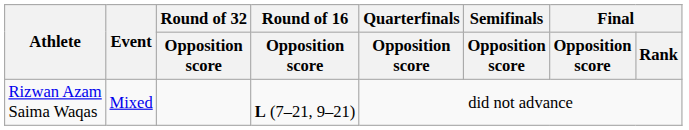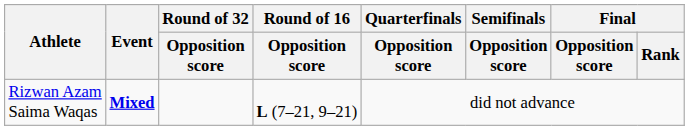 <table class=wikitable style=font-size:90%;text-align:center>
 <tr>
 <th rowspan="2">Athlete</th>
 <th rowspan="2">Event</th>
 <th>Round of 32</th>
 <th>Round of 16</th>
 <th>Quarterfinals</th>
 <th>Semifinals</th>
 <th colspan="2">Final</th>
 </tr>
 <tr>
 <th>Opposition<br> score</th>
 <th>Opposition<br> score</th>
 <th>Opposition<br> score</th>
 <th>Opposition<br> score</th>
 <th>Opposition<br> score</th>
 <th>Rank</th>
 </tr>
 <tr>
 <td align=left><a href='#'>Rizwan Azam</a> <br> Saima Waqas</td>
-<td align=center><a href='#'>Mixed</a></td>
+<td align=center><strong><a href='#'>Mixed</a></strong></td>
 <td></td>
 <td><br><strong>L</strong> (7–21, 9–21)</td>
 <td colspan="4">did not advance</td>
 </tr>
 </table>
